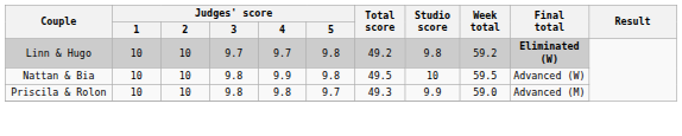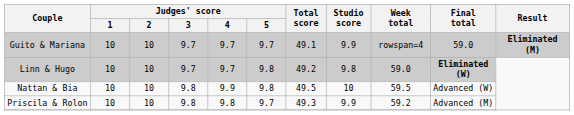 <table class="wikitable" style="font-size:100%; line-height:16px; text-align:center" width="100%">
 <tr>
 <th rowspan=2 width="11.00%">Couple</th>
 <th colspan=5 width="25.00%">Judges' score</th>
 <th rowspan=2 width="05.00%">Total<br>score</th>
 <th rowspan=2 width="05.00%">Studio<br>score</th>
 <th rowspan=2 width="05.00%">Week<br>total</th>
 <th rowspan=2 width="05.00%">Final<br>total</th>
 <th rowspan=2 width="09.00%">Result</th>
 </tr>
 <tr>
 <th width="05.00%">1</th>
 <th width="05.00%">2</th>
 <th width="05.00%">3</th>
 <th width="05.00%">4</th>
 <th width="05.00%">5</th>
 </tr>
 <tr bgcolor="CCCCCC">
+<td>Guito & Mariana</td>
+<td>10</td>
+<td>10</td>
+<td>9.7</td>
+<td>9.7</td>
+<td>9.7</td>
+<td>49.1</td>
+<td>9.9</td>
+<td>rowspan=4 </td>
+<td>59.0</td>
+<td><strong>Eliminated (M)</strong></td>
+</tr>
+<tr bgcolor="CCCCCC">
 <td>Linn & Hugo</td>
 <td>10</td>
 <td>10</td>
 <td>9.7</td>
 <td>9.7</td>
 <td>9.8</td>
 <td>49.2</td>
 <td>9.8</td>
-<td>59.2</td>
+<td>59.0</td>
 <td><strong>Eliminated (W)</strong></td>
 </tr>
 <tr>
 <td>Nattan & Bia</td>
 <td>10</td>
 <td>10</td>
 <td>9.8</td>
 <td>9.9</td>
 <td>9.8</td>
 <td>49.5</td>
 <td>10</td>
 <td>59.5</td>
 <td>Advanced (W)</td>
 </tr>
 <tr>
 <td>Priscila & Rolon</td>
 <td>10</td>
 <td>10</td>
 <td>9.8</td>
 <td>9.8</td>
 <td>9.7</td>
 <td>49.3</td>
 <td>9.9</td>
-<td>59.0</td>
+<td>59.2</td>
 <td>Advanced (M)</td>
 </tr>
 <tr>
 </tr>
 </table>
